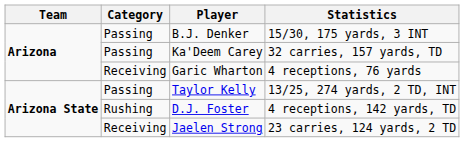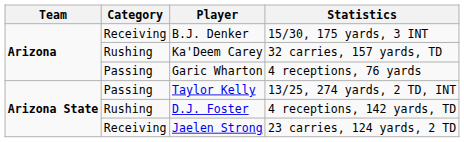 <table class="wikitable" style="float: right;">
 <tr>
 <th>Team</th>
 <th>Category</th>
 <th>Player</th>
 <th>Statistics</th>
 </tr>
 <tr>
 <td rowspan=3><strong>Arizona</strong></td>
-<td>Passing</td>
+<td>Receiving</td>
 <td>B.J. Denker</td>
 <td>15/30, 175 yards, 3 INT</td>
 </tr>
 <tr>
-<td>Passing</td>
+<td>Rushing</td>
 <td>Ka'Deem Carey</td>
 <td>32 carries, 157 yards, TD</td>
 </tr>
 <tr>
-<td>Receiving</td>
+<td>Passing</td>
 <td>Garic Wharton</td>
 <td>4 receptions, 76 yards</td>
 </tr>
 <tr>
 <td rowspan=3><strong>Arizona State</strong></td>
 <td>Passing</td>
 <td><a href='#'>Taylor Kelly</a></td>
 <td>13/25, 274 yards, 2 TD, INT</td>
 </tr>
 <tr>
 <td>Rushing</td>
 <td><a href='#'>D.J. Foster</a></td>
 <td>4 receptions, 142 yards, TD</td>
 </tr>
 <tr>
 <td>Receiving</td>
 <td><a href='#'>Jaelen Strong</a></td>
 <td>23 carries, 124 yards, 2 TD</td>
 </tr>
 </table>
